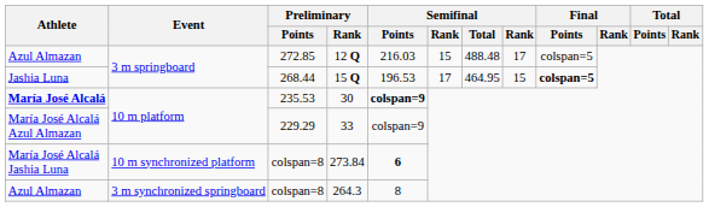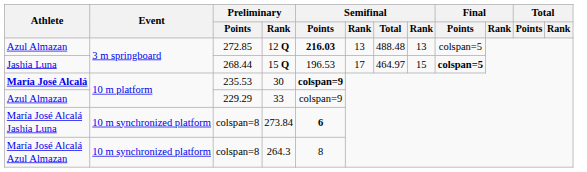 <table class=wikitable style=font-size:90%;text-align:center>
 <tr>
 <th rowspan=2>Athlete</th>
 <th rowspan=2>Event</th>
 <th colspan=2>Preliminary</th>
 <th colspan=4>Semifinal</th>
 <th colspan=2>Final</th>
 <th colspan=2>Total</th>
 </tr>
 <tr style=font-size:95%>
 <th>Points</th>
 <th>Rank</th>
 <th>Points</th>
 <th>Rank</th>
 <th>Total</th>
 <th>Rank</th>
 <th>Points</th>
 <th>Rank</th>
 <th>Points</th>
 <th>Rank</th>
 </tr>
 <tr>
 <td align=left><a href='#'>Azul Almazan</a></td>
 <td align=left rowspan=2><a href='#'>3 m springboard</a></td>
 <td>272.85</td>
 <td>12 <strong>Q</strong></td>
-<td>216.03</td>
-<td>15</td>
+<td><strong>216.03</strong></td>
+<td>13</td>
 <td>488.48</td>
-<td>17</td>
+<td>13</td>
 <td>colspan=5 </td>
 </tr>
 <tr>
 <td align=left><a href='#'>Jashia Luna</a></td>
 <td>268.44</td>
 <td>15 <strong>Q</strong></td>
 <td>196.53</td>
 <td>17</td>
-<td>464.95</td>
+<td>464.97</td>
 <td>15</td>
 <td><strong>colspan=5 </strong></td>
 </tr>
 <tr>
 <td align=left><strong><a href='#'>María José Alcalá</a></strong></td>
 <td align=left rowspan=2><a href='#'>10 m platform</a></td>
 <td>235.53</td>
 <td>30</td>
 <td><strong>colspan=9 </strong></td>
 </tr>
 <tr>
-<td align=left><a href='#'>María José Alcalá</a><br><a href='#'>Azul Almazan</a></td>
+<td align=left><a href='#'>Azul Almazan</a></td>
 <td>229.29</td>
 <td>33</td>
 <td>colspan=9 </td>
 </tr>
 <tr>
 <td align=left><a href='#'>María José Alcalá</a><br><a href='#'>Jashia Luna</a></td>
 <td align=left><a href='#'>10 m synchronized platform</a></td>
 <td>colspan=8 </td>
 <td>273.84</td>
 <td><strong>6</strong></td>
 </tr>
 <tr>
-<td align=left><a href='#'>Azul Almazan</a></td>
-<td align=left><a href='#'>3 m synchronized springboard</a></td>
+<td align=left><a href='#'>María José Alcalá</a><br><a href='#'>Azul Almazan</a></td>
+<td align=left><a href='#'>10 m synchronized platform</a></td>
 <td>colspan=8 </td>
 <td>264.3</td>
 <td>8</td>
 </tr>
 </table>
